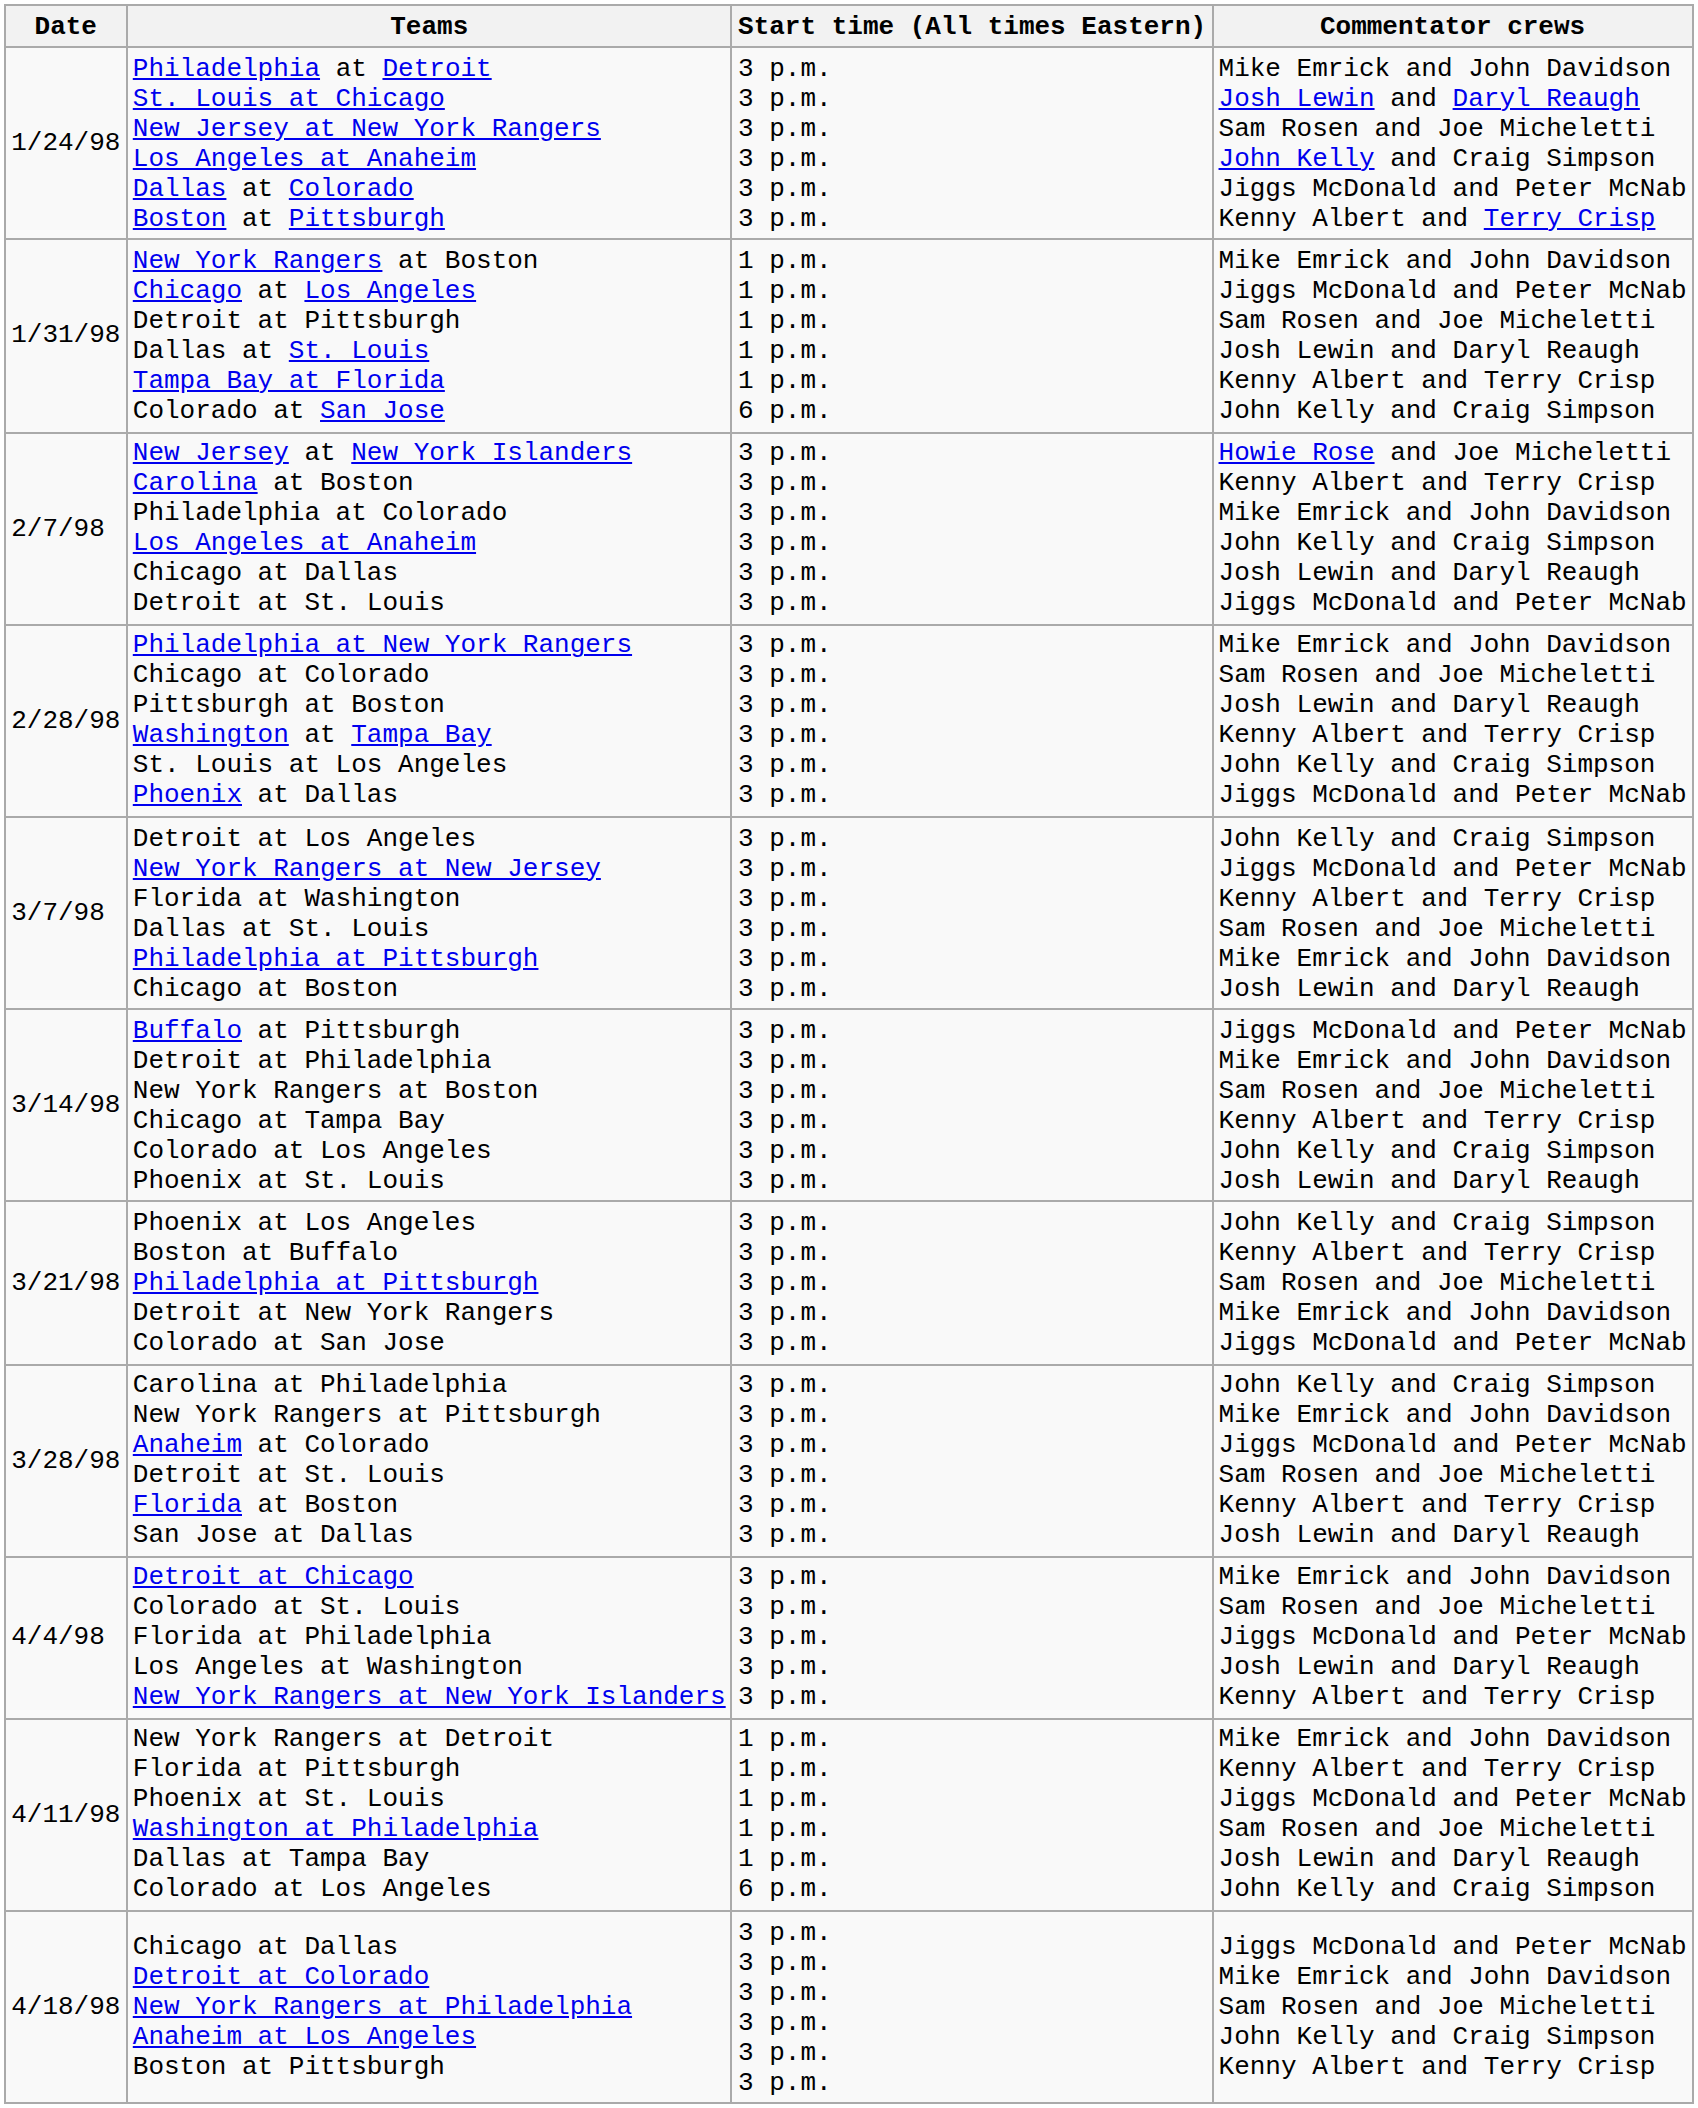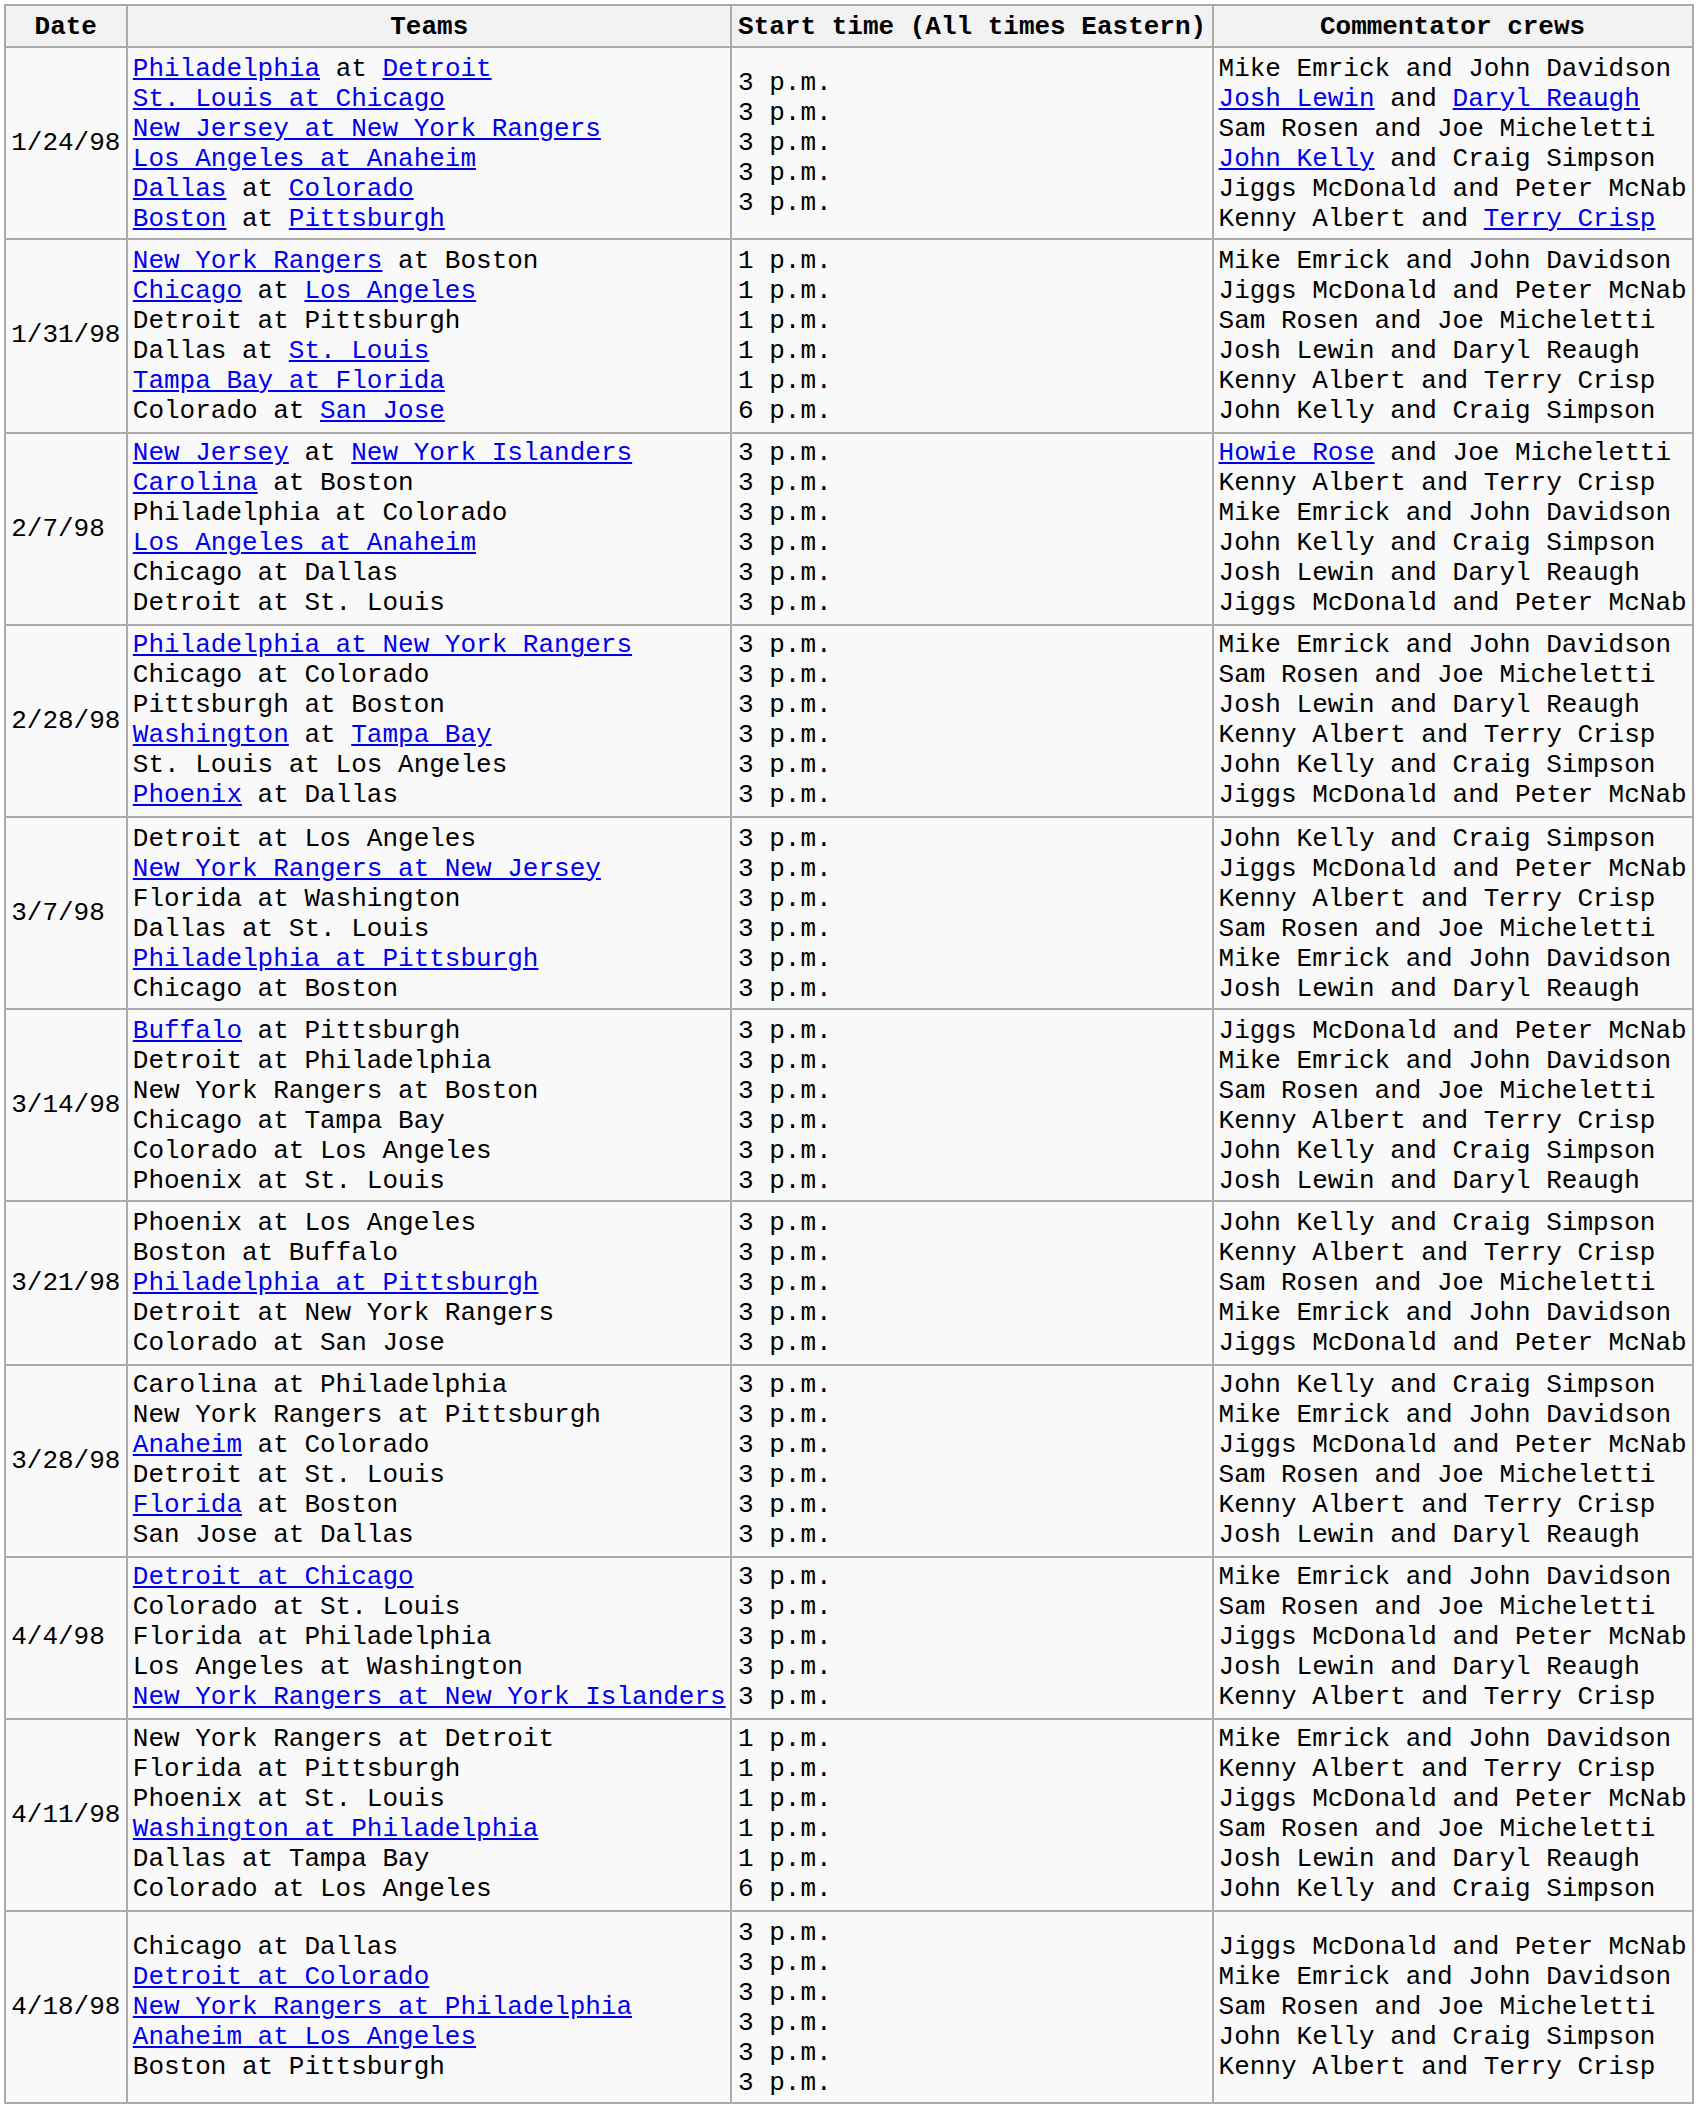 <table class="wikitable">
 <tr>
 <th>Date</th>
 <th>Teams</th>
 <th>Start time (All times Eastern)</th>
 <th>Commentator crews</th>
 </tr>
 <tr>
 <td>1/24/98</td>
 <td><a href='#'>Philadelphia</a> at <a href='#'>Detroit</a><br><a href='#'>St. Louis at Chicago</a><br><a href='#'>New Jersey at New York Rangers</a><br><a href='#'>Los Angeles at Anaheim</a><br><a href='#'>Dallas</a> at <a href='#'>Colorado</a><br><a href='#'>Boston</a> at <a href='#'>Pittsburgh</a></td>
-<td>3 p.m.<br>3 p.m.<br>3 p.m.<br>3 p.m.<br>3 p.m.<br>3 p.m.</td>
+<td>3 p.m.<br>3 p.m.<br>3 p.m.<br>3 p.m.<br>3 p.m.</td>
 <td>Mike Emrick and John Davidson<br><a href='#'>Josh Lewin</a> and <a href='#'>Daryl Reaugh</a><br>Sam Rosen and Joe Micheletti<br><a href='#'>John Kelly</a> and Craig Simpson<br>Jiggs McDonald and Peter McNab<br>Kenny Albert and <a href='#'>Terry Crisp</a></td>
 </tr>
 <tr>
 <td>1/31/98</td>
 <td><a href='#'>New York Rangers</a> at Boston<br><a href='#'>Chicago</a> at <a href='#'>Los Angeles</a><br>Detroit at Pittsburgh<br>Dallas at <a href='#'>St. Louis</a><br><a href='#'>Tampa Bay at Florida</a><br>Colorado at <a href='#'>San Jose</a></td>
 <td>1 p.m.<br>1 p.m.<br>1 p.m.<br>1 p.m.<br>1 p.m.<br>6 p.m.</td>
 <td>Mike Emrick and John Davidson<br>Jiggs McDonald and Peter McNab<br>Sam Rosen and Joe Micheletti<br>Josh Lewin and Daryl Reaugh<br>Kenny Albert and Terry Crisp<br>John Kelly and Craig Simpson</td>
 </tr>
 <tr>
 <td>2/7/98</td>
 <td><a href='#'>New Jersey</a> at <a href='#'>New York Islanders</a><br><a href='#'>Carolina</a> at Boston<br>Philadelphia at Colorado<br><a href='#'>Los Angeles at Anaheim</a><br>Chicago at Dallas<br>Detroit at St. Louis</td>
 <td>3 p.m.<br>3 p.m.<br>3 p.m.<br>3 p.m.<br>3 p.m.<br>3 p.m.</td>
 <td><a href='#'>Howie Rose</a> and Joe Micheletti<br>Kenny Albert and Terry Crisp<br>Mike Emrick and John Davidson<br>John Kelly and Craig Simpson<br>Josh Lewin and Daryl Reaugh<br>Jiggs McDonald and Peter McNab</td>
 </tr>
 <tr>
 <td>2/28/98</td>
 <td><a href='#'>Philadelphia at New York Rangers</a><br>Chicago at Colorado<br>Pittsburgh at Boston<br><a href='#'>Washington</a> at <a href='#'>Tampa Bay</a><br>St. Louis at Los Angeles<br><a href='#'>Phoenix</a> at Dallas</td>
 <td>3 p.m.<br>3 p.m.<br>3 p.m.<br>3 p.m.<br>3 p.m.<br>3 p.m.</td>
 <td>Mike Emrick and John Davidson<br>Sam Rosen and Joe Micheletti<br>Josh Lewin and Daryl Reaugh<br>Kenny Albert and Terry Crisp<br>John Kelly and Craig Simpson<br>Jiggs McDonald and Peter McNab</td>
 </tr>
 <tr>
 <td>3/7/98</td>
 <td>Detroit at Los Angeles<br><a href='#'>New York Rangers at New Jersey</a><br>Florida at Washington<br>Dallas at St. Louis<br><a href='#'>Philadelphia at Pittsburgh</a><br>Chicago at Boston</td>
 <td>3 p.m.<br>3 p.m.<br>3 p.m.<br>3 p.m.<br>3 p.m.<br>3 p.m.</td>
 <td>John Kelly and Craig Simpson<br>Jiggs McDonald and Peter McNab<br>Kenny Albert and Terry Crisp<br>Sam Rosen and Joe Micheletti<br>Mike Emrick and John Davidson<br>Josh Lewin and Daryl Reaugh</td>
 </tr>
 <tr>
 <td>3/14/98</td>
 <td><a href='#'>Buffalo</a> at Pittsburgh<br>Detroit at Philadelphia<br>New York Rangers at Boston<br>Chicago at Tampa Bay<br>Colorado at Los Angeles<br>Phoenix at St. Louis</td>
 <td>3 p.m.<br>3 p.m.<br>3 p.m.<br>3 p.m.<br>3 p.m.<br>3 p.m.</td>
 <td>Jiggs McDonald and Peter McNab<br>Mike Emrick and John Davidson<br>Sam Rosen and Joe Micheletti<br>Kenny Albert and Terry Crisp<br>John Kelly and Craig Simpson<br>Josh Lewin and Daryl Reaugh</td>
 </tr>
 <tr>
 <td>3/21/98</td>
 <td>Phoenix at Los Angeles<br>Boston at Buffalo<br><a href='#'>Philadelphia at Pittsburgh</a><br>Detroit at New York Rangers<br>Colorado at San Jose</td>
 <td>3 p.m.<br>3 p.m.<br>3 p.m.<br>3 p.m.<br>3 p.m.</td>
 <td>John Kelly and Craig Simpson<br>Kenny Albert and Terry Crisp<br>Sam Rosen and Joe Micheletti<br>Mike Emrick and John Davidson<br>Jiggs McDonald and Peter McNab</td>
 </tr>
 <tr>
 <td>3/28/98</td>
 <td>Carolina at Philadelphia<br>New York Rangers at Pittsburgh<br><a href='#'>Anaheim</a> at Colorado<br>Detroit at St. Louis<br><a href='#'>Florida</a> at Boston<br>San Jose at Dallas</td>
 <td>3 p.m.<br>3 p.m.<br>3 p.m.<br>3 p.m.<br>3 p.m.<br>3 p.m.</td>
 <td>John Kelly and Craig Simpson<br>Mike Emrick and John Davidson<br>Jiggs McDonald and Peter McNab<br>Sam Rosen and Joe Micheletti<br>Kenny Albert and Terry Crisp<br>Josh Lewin and Daryl Reaugh</td>
 </tr>
 <tr>
 <td>4/4/98</td>
 <td><a href='#'>Detroit at Chicago</a><br>Colorado at St. Louis<br>Florida at Philadelphia<br>Los Angeles at Washington<br><a href='#'>New York Rangers at New York Islanders</a></td>
 <td>3 p.m.<br>3 p.m.<br>3 p.m.<br>3 p.m.<br>3 p.m.</td>
 <td>Mike Emrick and John Davidson<br>Sam Rosen and Joe Micheletti<br>Jiggs McDonald and Peter McNab<br>Josh Lewin and Daryl Reaugh<br>Kenny Albert and Terry Crisp</td>
 </tr>
 <tr>
 <td>4/11/98</td>
 <td>New York Rangers at Detroit<br>Florida at Pittsburgh<br>Phoenix at St. Louis<br><a href='#'>Washington at Philadelphia</a><br>Dallas at Tampa Bay<br>Colorado at Los Angeles</td>
 <td>1 p.m.<br>1 p.m.<br>1 p.m.<br>1 p.m.<br>1 p.m.<br>6 p.m.</td>
 <td>Mike Emrick and John Davidson<br>Kenny Albert and Terry Crisp<br>Jiggs McDonald and Peter McNab<br>Sam Rosen and Joe Micheletti<br>Josh Lewin and Daryl Reaugh<br>John Kelly and Craig Simpson</td>
 </tr>
 <tr>
 <td>4/18/98</td>
 <td>Chicago at Dallas<br><a href='#'>Detroit at Colorado</a><br><a href='#'>New York Rangers at Philadelphia</a><br><a href='#'>Anaheim at Los Angeles</a><br>Boston at Pittsburgh</td>
 <td>3 p.m.<br>3 p.m.<br>3 p.m.<br>3 p.m.<br>3 p.m.<br>3 p.m.</td>
 <td>Jiggs McDonald and Peter McNab<br>Mike Emrick and John Davidson<br>Sam Rosen and Joe Micheletti<br>John Kelly and Craig Simpson<br>Kenny Albert and Terry Crisp</td>
 </tr>
 </table>
